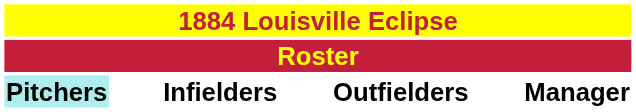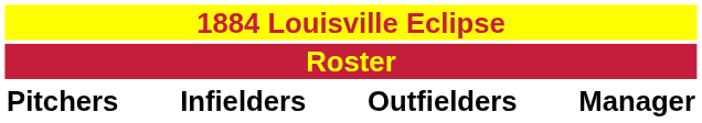 <table class="toccolours" style="font-size: 95%;">
 <tr>
 <th colspan="10" style="background-color: #FFFF00; color: #C41E3A; text-align: center;">1884 Louisville Eclipse</th>
 </tr>
 <tr>
 <td colspan="10" style="background-color: #C41E3A; color: yellow; text-align: center;"><strong>Roster</strong></td>
 </tr>
 <tr>
-<td valign="top" style="background: paleturquoise;"><strong>Pitchers</strong><br>    </td>
+<td valign="top"><strong>Pitchers</strong><br>    </td>
 <td width="25px"></td>
 <td valign="top"><strong>Infielders</strong><br>     </td>
 <td width="25px"></td>
 <td valign="top"><strong>Outfielders</strong><br>    </td>
 <td width="25px"></td>
 <td valign="top"><strong>Manager</strong><br> </td>
 </tr>
 <tr>
 </tr>
 </table>
